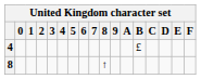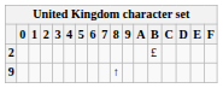 <table class="wikitable">
 <tr>
 <th colspan="17">United Kingdom character set</th>
 </tr>
 <tr>
 <th></th>
 <th>0</th>
 <th>1</th>
 <th>2</th>
 <th>3</th>
 <th>4</th>
 <th>5</th>
 <th>6</th>
 <th>7</th>
 <th>8</th>
 <th>9</th>
 <th>A</th>
 <th>B</th>
 <th>C</th>
 <th>D</th>
 <th>E</th>
 <th>F</th>
 </tr>
 <tr>
-<th>4</th>
+<th>2</th>
 <td></td>
 <td></td>
 <td></td>
 <td></td>
 <td></td>
 <td></td>
 <td></td>
 <td></td>
 <td></td>
 <td></td>
 <td></td>
 <td>£</td>
 <td></td>
 <td></td>
 <td></td>
 <td></td>
 </tr>
 <tr>
-<th>8</th>
+<th>9</th>
 <td></td>
 <td></td>
 <td></td>
 <td></td>
 <td></td>
 <td></td>
 <td></td>
 <td></td>
 <td>↑</td>
 <td></td>
 <td></td>
 <td></td>
 <td></td>
 <td></td>
 <td></td>
 <td></td>
 </tr>
 </table>
